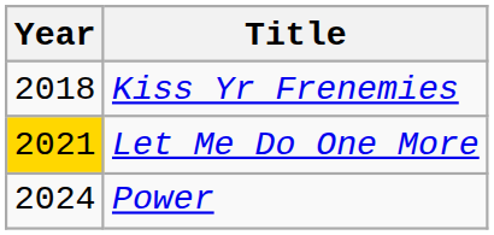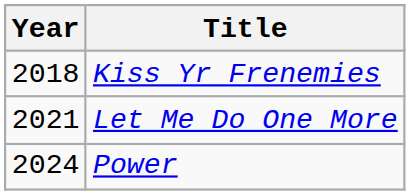 <table class="wikitable">
 <tr>
 <th>Year</th>
 <th>Title</th>
 </tr>
 <tr>
 <td>2018</td>
 <td><em><a href='#'>Kiss Yr Frenemies</a></em></td>
 </tr>
 <tr>
-<td style="background: gold;">2021</td>
+<td>2021</td>
 <td><em><a href='#'>Let Me Do One More</a></em></td>
 </tr>
 <tr>
 <td>2024</td>
 <td><em><a href='#'>Power</a></em></td>
 </tr>
 </table>
